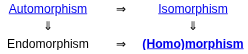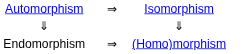 <table style="border:none;">
 <tr>
 <td align="center" width="42%"><a href='#'>Automorphism</a></td>
 <td align="center" width="16%">⇒</td>
 <td align="center" width="42%"><a href='#'>Isomorphism</a></td>
 </tr>
 <tr>
 <td align="center">⇓</td>
 <td></td>
 <td align="center">⇓</td>
 </tr>
 <tr>
 <td align="center">Endomorphism</td>
 <td align="center">⇒</td>
-<td align="center"><strong><a href='#'>(Homo)morphism</a></strong></td>
+<td align="center"><a href='#'>(Homo)morphism</a></td>
 </tr>
 </table>
